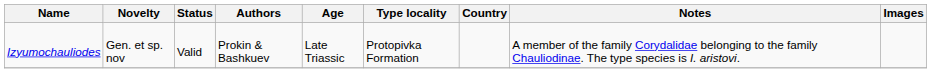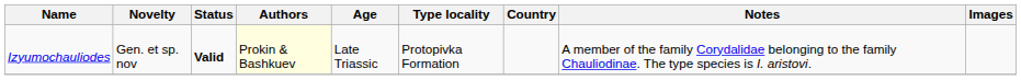 <table class="wikitable sortable" align="center" width="100%">
 <tr>
 <th>Name</th>
 <th>Novelty</th>
 <th>Status</th>
 <th>Authors</th>
 <th>Age</th>
 <th>Type locality</th>
 <th>Country</th>
 <th>Notes</th>
 <th>Images</th>
 </tr>
 <tr>
 <td><br><em><a href='#'>Izyumochauliodes</a></em></td>
 <td><br>Gen. et sp. nov</td>
-<td><br>Valid</td>
-<td><br>Prokin & Bashkuev</td>
+<td><strong><br>Valid</strong></td>
+<td style="background: lightyellow;"><br>Prokin & Bashkuev</td>
 <td><br>Late Triassic</td>
 <td><br>Protopivka Formation</td>
 <td><br></td>
 <td><br>A member of the family <a href='#'>Corydalidae</a> belonging to the family <a href='#'>Chauliodinae</a>. The type species is <em>I. aristovi</em>.</td>
 <td></td>
 </tr>
 <tr>
 </tr>
 </table>
